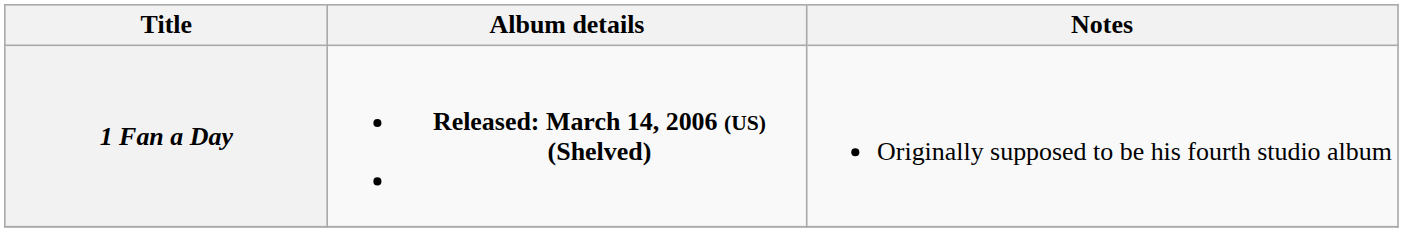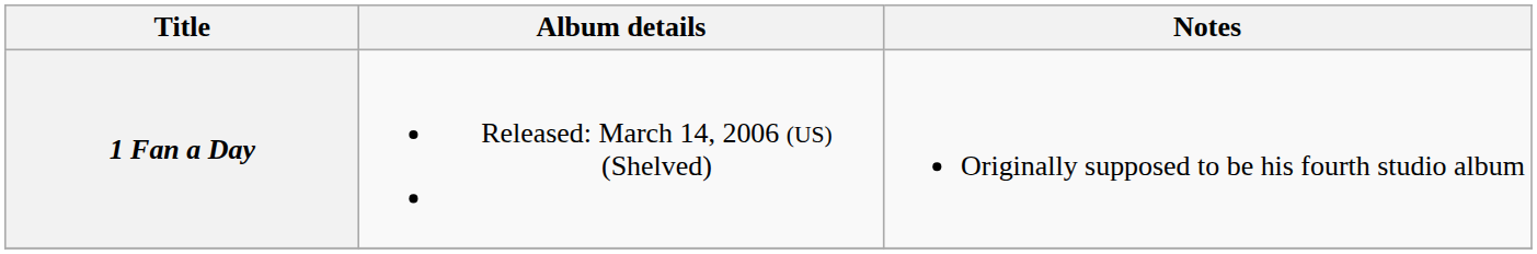 <table class="wikitable plainrowheaders" style="text-align:center;">
 <tr>
 <th scope="col" style="width:12em;">Title</th>
 <th scope="col" style="width:18em;">Album details</th>
 <th scope="col">Notes</th>
 </tr>
 <tr>
 <th scope="row"><em>1 Fan a Day</em></th>
-<td><strong><br><ul><li>Released: March 14, 2006 <small>(US)</small> (Shelved)</li><li></li></ul></strong></td>
+<td><br><ul><li>Released: March 14, 2006 <small>(US)</small> (Shelved)</li><li></li></ul></td>
 <td><br><ul><li>Originally supposed to be his fourth studio album</li></ul></td>
 </tr>
 <tr>
 </tr>
 </table>
